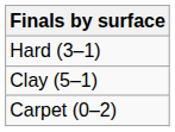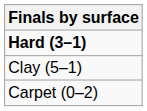 <table class=wikitable style=font-size:90%>
 <tr>
 <th>Finals by surface</th>
 </tr>
 <tr>
-<td>Hard (3–1)</td>
+<td><strong>Hard (3–1)</strong></td>
 </tr>
 <tr>
 <td>Clay (5–1)</td>
 </tr>
 <tr>
 <td>Carpet (0–2)</td>
 </tr>
 </table>
